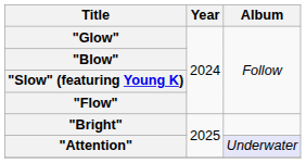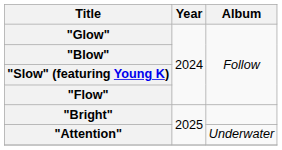 <table class="wikitable plainrowheaders" style="text-align:center">
 <tr>
 <th scope="col">Title</th>
 <th scope="col">Year</th>
 <th scope="col">Album</th>
 </tr>
 <tr>
 <th scope="row">"Glow"</th>
 <td rowspan="4">2024</td>
 <td rowspan="4"><em>Follow</em></td>
 </tr>
 <tr>
 <th scope="row">"Blow"</th>
 </tr>
 <tr>
 <th scope="row">"Slow" (featuring <a href='#'>Young K</a>)</th>
 </tr>
 <tr>
 <th scope="row">"Flow"</th>
 </tr>
 <tr>
 <th scope="row">"Bright"</th>
 <td rowspan="2">2025</td>
 <td></td>
 </tr>
 <tr>
 <th scope="row">"Attention"</th>
-<td style="background: lavender;"><em>Underwater</em></td>
+<td><em>Underwater</em></td>
 </tr>
 <tr>
 </tr>
 </table>
